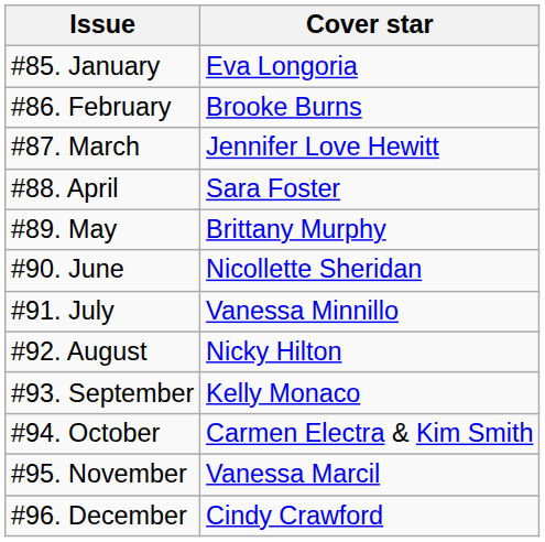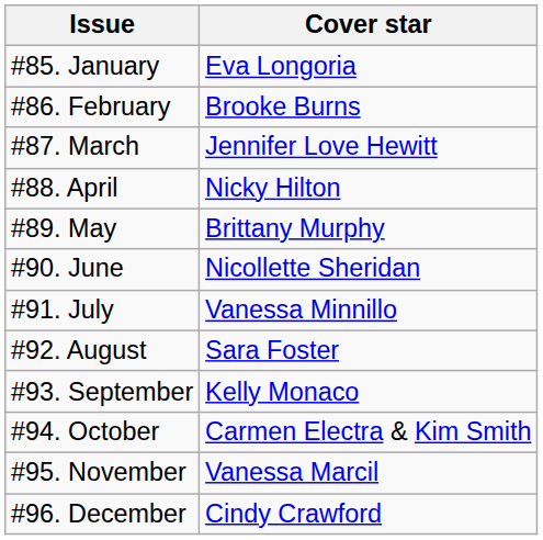 <table class="sortable wikitable">
 <tr>
 <th>Issue</th>
 <th>Cover star</th>
 </tr>
 <tr>
 <td>#85. January</td>
 <td><a href='#'>Eva Longoria</a></td>
 </tr>
 <tr>
 <td>#86. February</td>
 <td><a href='#'>Brooke Burns</a></td>
 </tr>
 <tr>
 <td>#87. March</td>
 <td><a href='#'>Jennifer Love Hewitt</a></td>
 </tr>
 <tr>
 <td>#88. April</td>
-<td><a href='#'>Sara Foster</a></td>
+<td><a href='#'>Nicky Hilton</a></td>
 </tr>
 <tr>
 <td>#89. May</td>
 <td><a href='#'>Brittany Murphy</a></td>
 </tr>
 <tr>
 <td>#90. June</td>
 <td><a href='#'>Nicollette Sheridan</a></td>
 </tr>
 <tr>
 <td>#91. July</td>
 <td><a href='#'>Vanessa Minnillo</a></td>
 </tr>
 <tr>
 <td>#92. August</td>
-<td><a href='#'>Nicky Hilton</a></td>
+<td><a href='#'>Sara Foster</a></td>
 </tr>
 <tr>
 <td>#93. September</td>
 <td><a href='#'>Kelly Monaco</a></td>
 </tr>
 <tr>
 <td>#94. October</td>
 <td><a href='#'>Carmen Electra</a> & <a href='#'>Kim Smith</a></td>
 </tr>
 <tr>
 <td>#95. November</td>
 <td><a href='#'>Vanessa Marcil</a></td>
 </tr>
 <tr>
 <td>#96. December</td>
 <td><a href='#'>Cindy Crawford</a></td>
 </tr>
 </table>
